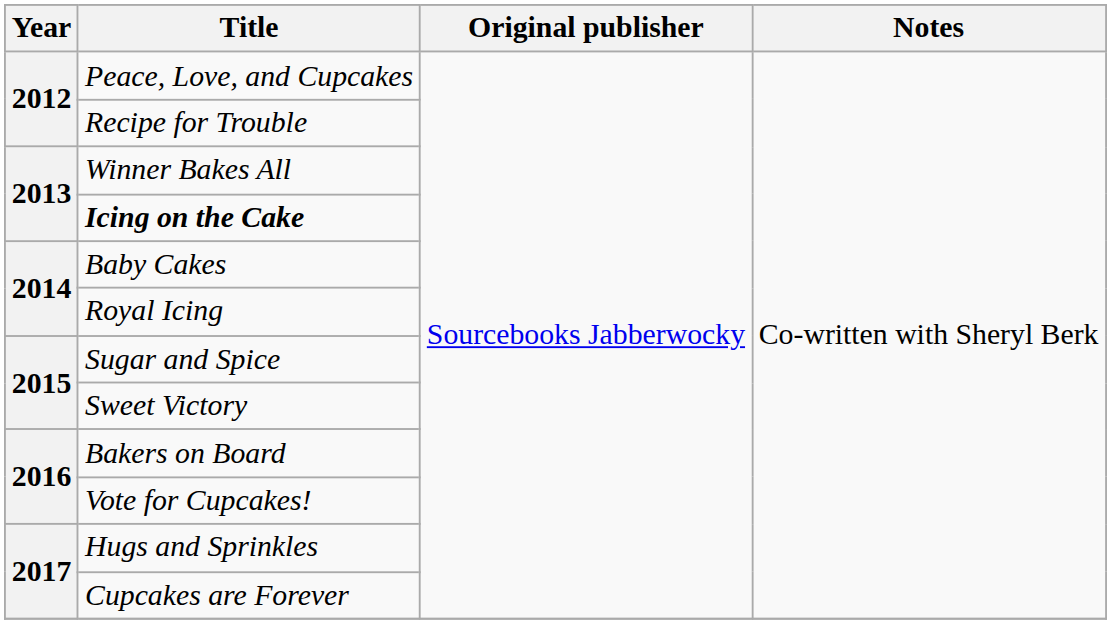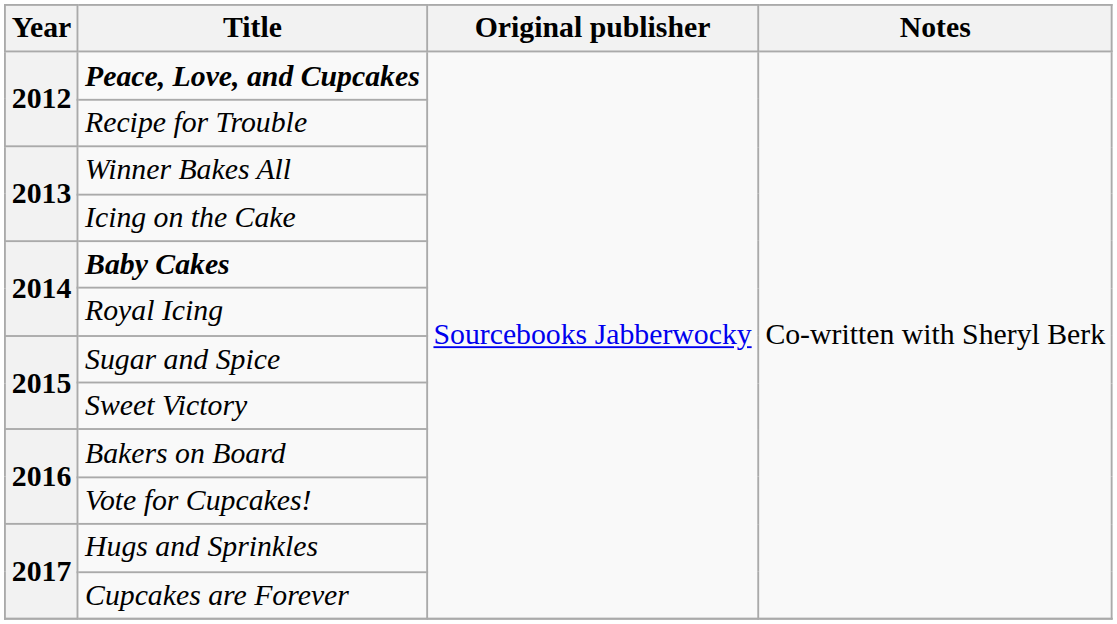 <table class="wikitable plainrowheaders sortable">
 <tr>
 <th scope="col">Year</th>
 <th scope="col">Title</th>
 <th scope="col">Original publisher</th>
 <th scope="col" class="unsortable">Notes</th>
 </tr>
 <tr>
 <th scope="row" rowspan="2">2012</th>
-<td><em>Peace, Love, and Cupcakes</em></td>
+<td><strong><em>Peace, Love, and Cupcakes</em></strong></td>
 <td rowspan="12"><a href='#'>Sourcebooks Jabberwocky</a></td>
 <td rowspan="12">Co-written with Sheryl Berk</td>
 </tr>
 <tr>
 <td><em>Recipe for Trouble</em></td>
 </tr>
 <tr>
 <th scope="row" rowspan="2">2013</th>
 <td><em>Winner Bakes All</em></td>
 </tr>
 <tr>
-<td><strong><em>Icing on the Cake</em></strong></td>
+<td><em>Icing on the Cake</em></td>
 </tr>
 <tr>
 <th scope="row" rowspan="2">2014</th>
-<td><em>Baby Cakes</em></td>
+<td><strong><em>Baby Cakes</em></strong></td>
 </tr>
 <tr>
 <td><em>Royal Icing</em></td>
 </tr>
 <tr>
 <th scope="row" rowspan="2">2015</th>
 <td><em>Sugar and Spice</em></td>
 </tr>
 <tr>
 <td><em>Sweet Victory</em></td>
 </tr>
 <tr>
 <th scope="row" rowspan="2">2016</th>
 <td><em>Bakers on Board</em></td>
 </tr>
 <tr>
 <td><em>Vote for Cupcakes!</em></td>
 </tr>
 <tr>
 <th scope="row" rowspan="2">2017</th>
 <td><em>Hugs and Sprinkles</em></td>
 </tr>
 <tr>
 <td><em>Cupcakes are Forever</em></td>
 </tr>
 <tr>
 </tr>
 </table>
